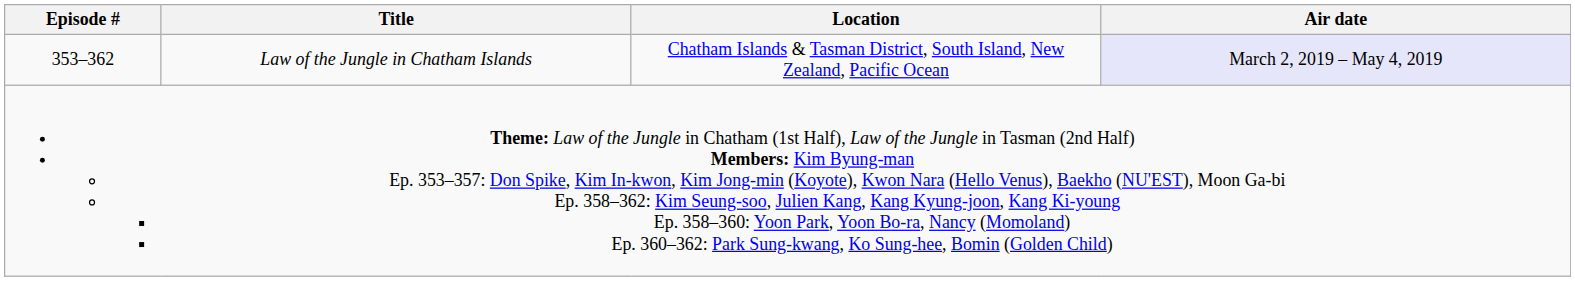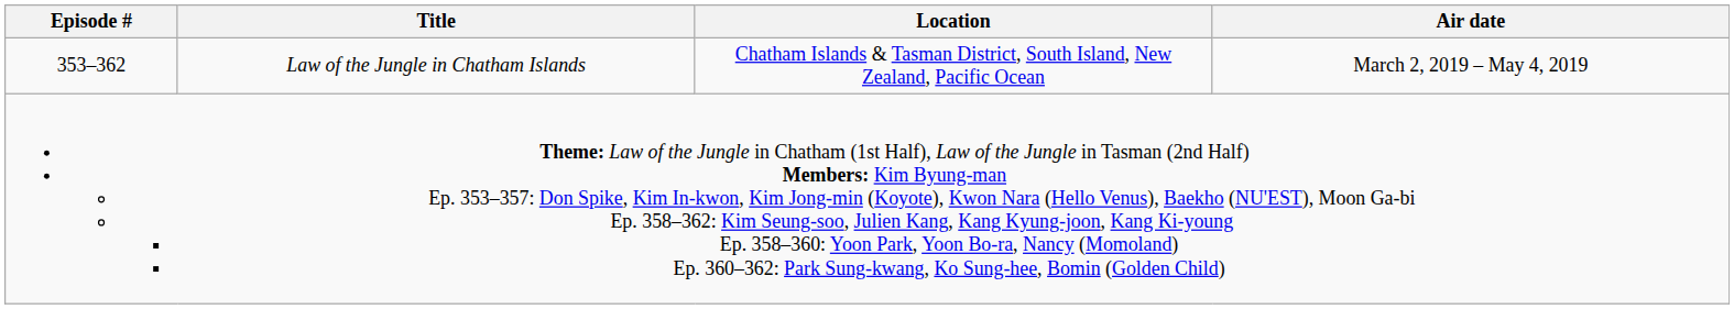 <table class="wikitable" style="text-align:center; font-size:90%; width:100%;">
 <tr>
 <th width="10%">Episode #</th>
 <th width="30%">Title</th>
 <th width="30%">Location</th>
 <th width="30%">Air date</th>
 </tr>
 <tr>
 <td>353–362</td>
 <td><em>Law of the Jungle in Chatham Islands</em></td>
 <td><a href='#'>Chatham Islands</a> & <a href='#'>Tasman District</a>, <a href='#'>South Island</a>, <a href='#'>New Zealand</a>, <a href='#'>Pacific Ocean</a></td>
-<td style="background: lavender;">March 2, 2019 – May 4, 2019</td>
+<td>March 2, 2019 – May 4, 2019</td>
 </tr>
 <tr>
 <td colspan="4"><br><ul><li><strong>Theme:</strong> <em>Law of the Jungle</em> in Chatham (1st Half), <em>Law of the Jungle</em> in Tasman (2nd Half)</li><li><strong>Members:</strong> <a href='#'>Kim Byung-man</a><ul><li>Ep. 353–357: <a href='#'>Don Spike</a>, <a href='#'>Kim In-kwon</a>, <a href='#'>Kim Jong-min</a> (<a href='#'>Koyote</a>), <a href='#'>Kwon Nara</a> (<a href='#'>Hello Venus</a>), <a href='#'>Baekho</a> (<a href='#'>NU'EST</a>), Moon Ga-bi</li><li>Ep. 358–362: <a href='#'>Kim Seung-soo</a>, <a href='#'>Julien Kang</a>, <a href='#'>Kang Kyung-joon</a>, <a href='#'>Kang Ki-young</a><ul><li>Ep. 358–360: <a href='#'>Yoon Park</a>, <a href='#'>Yoon Bo-ra</a>, <a href='#'>Nancy</a> (<a href='#'>Momoland</a>)</li><li>Ep. 360–362: <a href='#'>Park Sung-kwang</a>, <a href='#'>Ko Sung-hee</a>, <a href='#'>Bomin</a> (<a href='#'>Golden Child</a>)</li></ul></li></ul></li></ul></td>
 </tr>
 </table>
